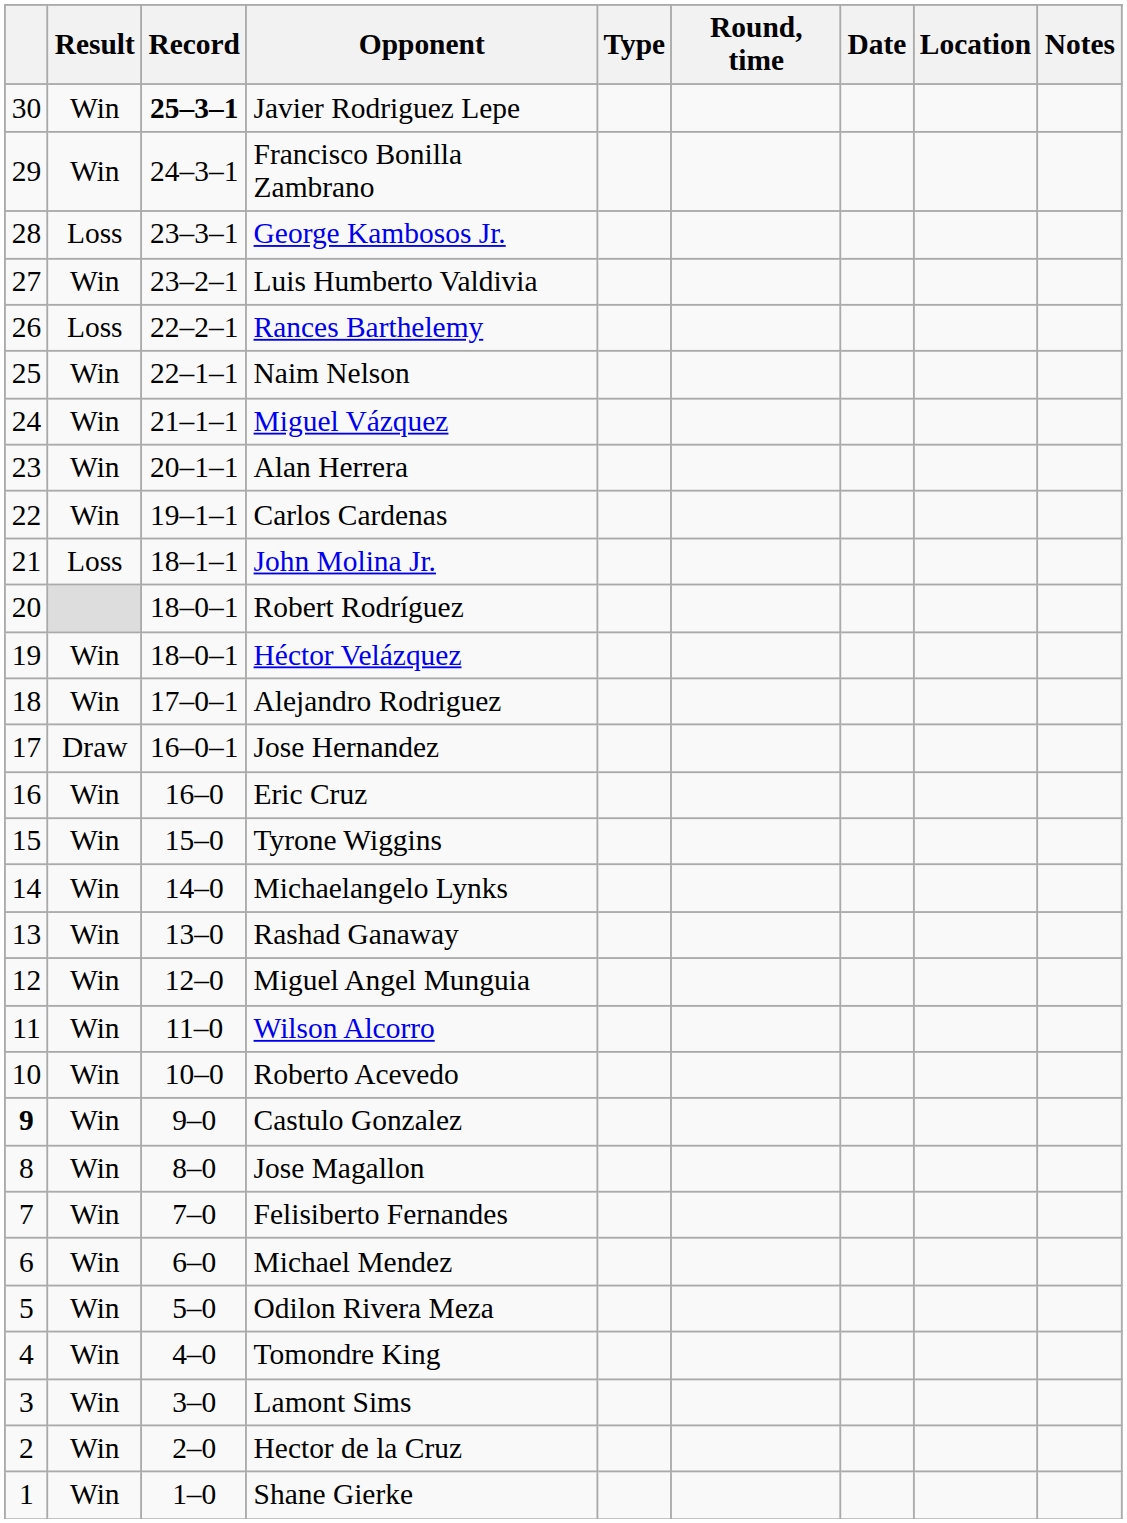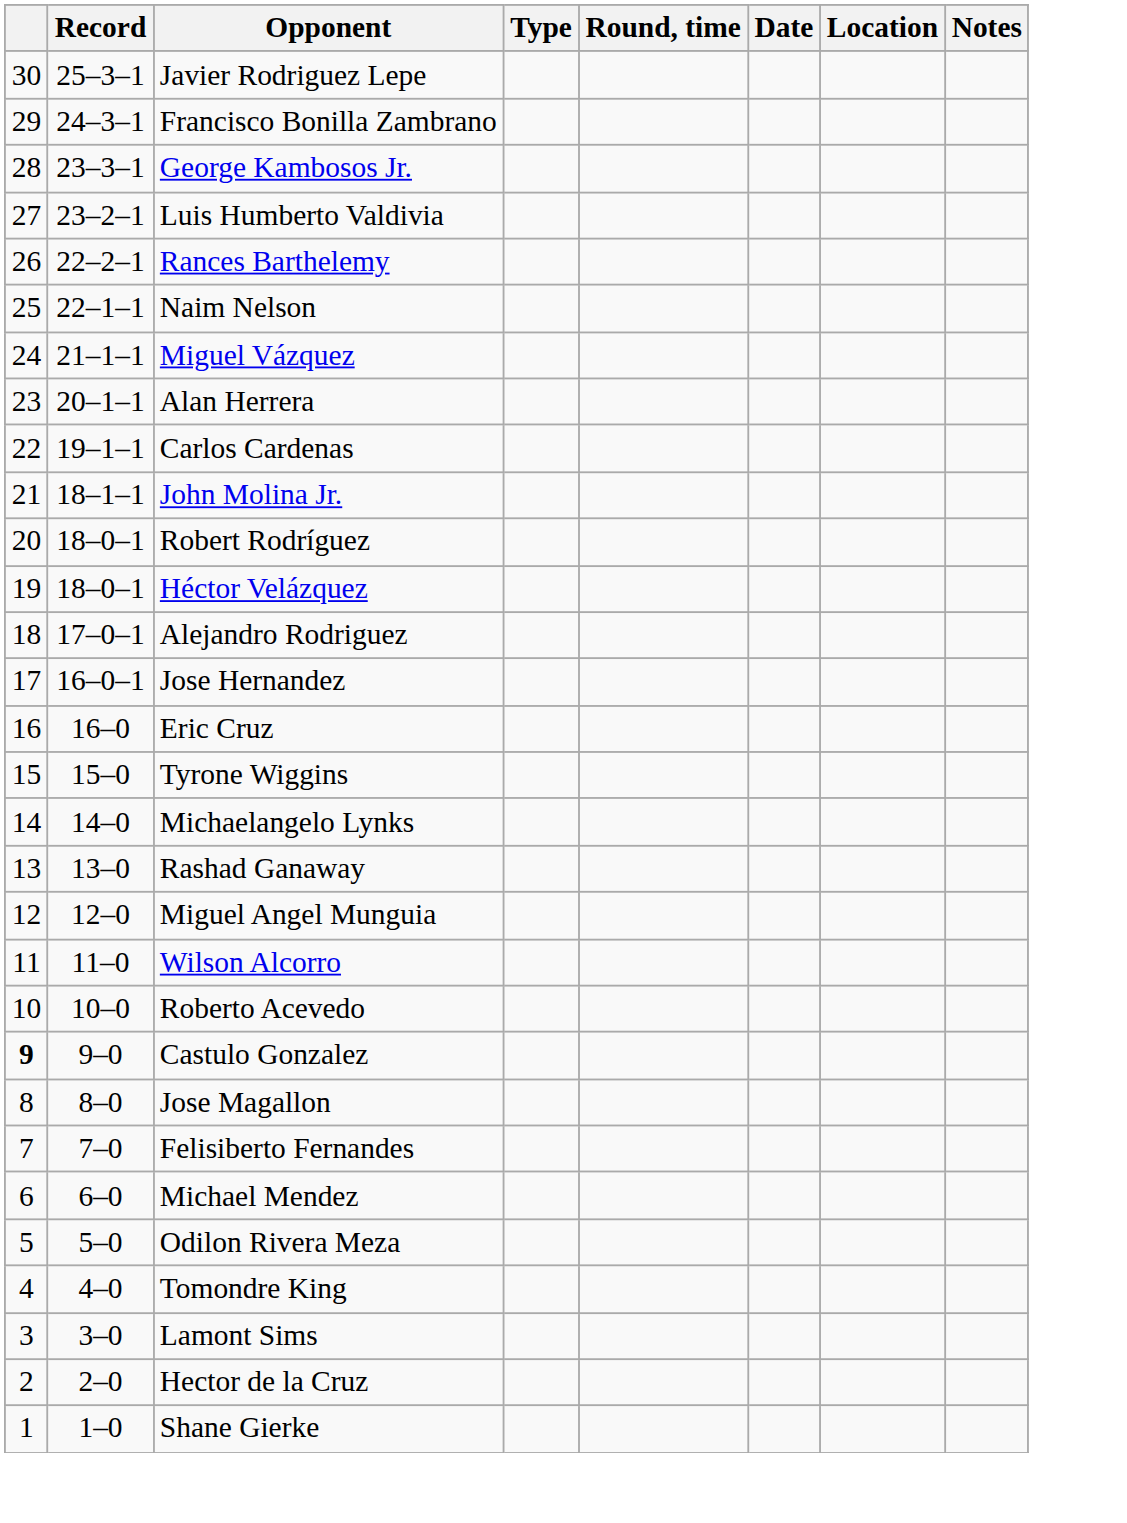 <table class="wikitable" style="text-align:center">
 <tr>
 <th></th>
-<th>Result</th>
 <th>Record</th>
 <th>Opponent</th>
 <th>Type</th>
 <th>Round, time</th>
 <th>Date</th>
 <th>Location</th>
 <th>Notes</th>
 </tr>
 <tr>
 <td>30</td>
-<td>Win</td>
-<td><strong>25–3–1 </strong></td>
+<td>25–3–1 </td>
 <td align=left>Javier Rodriguez Lepe</td>
 <td></td>
 <td></td>
 <td></td>
 <td align=left></td>
 <td align=left></td>
 </tr>
 <tr>
 <td>29</td>
-<td>Win</td>
 <td>24–3–1 </td>
 <td align=left>Francisco Bonilla Zambrano</td>
 <td></td>
 <td></td>
 <td></td>
 <td align=left></td>
 <td align=left></td>
 </tr>
 <tr>
 <td>28</td>
-<td>Loss</td>
 <td>23–3–1 </td>
 <td align=left><a href='#'>George Kambosos Jr.</a></td>
 <td></td>
 <td></td>
 <td></td>
 <td align=left></td>
 <td align=left></td>
 </tr>
 <tr>
 <td>27</td>
-<td>Win</td>
 <td>23–2–1 </td>
 <td align=left>Luis Humberto Valdivia</td>
 <td></td>
 <td></td>
 <td></td>
 <td align=left></td>
 <td align=left></td>
 </tr>
 <tr>
 <td>26</td>
-<td>Loss</td>
 <td>22–2–1 </td>
 <td align=left><a href='#'>Rances Barthelemy</a></td>
 <td></td>
 <td></td>
 <td></td>
 <td align=left></td>
 <td align=left></td>
 </tr>
 <tr>
 <td>25</td>
-<td>Win</td>
 <td>22–1–1 </td>
 <td align=left>Naim Nelson</td>
 <td></td>
 <td></td>
 <td></td>
 <td align=left></td>
 <td align=left></td>
 </tr>
 <tr>
 <td>24</td>
-<td>Win</td>
 <td>21–1–1 </td>
 <td align=left><a href='#'>Miguel Vázquez</a></td>
 <td></td>
 <td></td>
 <td></td>
 <td align=left></td>
 <td align=left></td>
 </tr>
 <tr>
 <td>23</td>
-<td>Win</td>
 <td>20–1–1 </td>
 <td align=left>Alan Herrera</td>
 <td></td>
 <td></td>
 <td></td>
 <td align=left></td>
 <td align=left></td>
 </tr>
 <tr>
 <td>22</td>
-<td>Win</td>
 <td>19–1–1 </td>
 <td align=left>Carlos Cardenas</td>
 <td></td>
 <td></td>
 <td></td>
 <td align=left></td>
 <td align=left></td>
 </tr>
 <tr>
 <td>21</td>
-<td>Loss</td>
 <td>18–1–1 </td>
 <td align=left><a href='#'>John Molina Jr.</a></td>
 <td></td>
 <td></td>
 <td></td>
 <td align=left></td>
 <td align=left></td>
 </tr>
 <tr>
 <td>20</td>
-<td style="background:#DDD"></td>
 <td>18–0–1 </td>
 <td align=left>Robert Rodríguez</td>
 <td></td>
 <td></td>
 <td></td>
 <td align=left></td>
 <td align=left></td>
 </tr>
 <tr>
 <td>19</td>
-<td>Win</td>
 <td>18–0–1</td>
 <td align=left><a href='#'>Héctor Velázquez</a></td>
 <td></td>
 <td></td>
 <td></td>
 <td align=left></td>
 <td align=left></td>
 </tr>
 <tr>
 <td>18</td>
-<td>Win</td>
 <td>17–0–1</td>
 <td align=left>Alejandro Rodriguez</td>
 <td></td>
 <td></td>
 <td></td>
 <td align=left></td>
 <td align=left></td>
 </tr>
 <tr>
 <td>17</td>
-<td>Draw</td>
 <td>16–0–1</td>
 <td align=left>Jose Hernandez</td>
 <td></td>
 <td></td>
 <td></td>
 <td align=left></td>
 <td align=left></td>
 </tr>
 <tr>
 <td>16</td>
-<td>Win</td>
 <td>16–0</td>
 <td align=left>Eric Cruz</td>
 <td></td>
 <td></td>
 <td></td>
 <td align=left></td>
 <td align=left></td>
 </tr>
 <tr>
 <td>15</td>
-<td>Win</td>
 <td>15–0</td>
 <td align=left>Tyrone Wiggins</td>
 <td></td>
 <td></td>
 <td></td>
 <td align=left></td>
 <td align=left></td>
 </tr>
 <tr>
 <td>14</td>
-<td>Win</td>
 <td>14–0</td>
 <td align=left>Michaelangelo Lynks</td>
 <td></td>
 <td></td>
 <td></td>
 <td align=left></td>
 <td align=left></td>
 </tr>
 <tr>
 <td>13</td>
-<td>Win</td>
 <td>13–0</td>
 <td align=left>Rashad Ganaway</td>
 <td></td>
 <td></td>
 <td></td>
 <td align=left></td>
 <td align=left></td>
 </tr>
 <tr>
 <td>12</td>
-<td>Win</td>
 <td>12–0</td>
 <td align=left>Miguel Angel Munguia</td>
 <td></td>
 <td></td>
 <td></td>
 <td align=left></td>
 <td align=left></td>
 </tr>
 <tr>
 <td>11</td>
-<td>Win</td>
 <td>11–0</td>
 <td align=left><a href='#'>Wilson Alcorro</a></td>
 <td></td>
 <td></td>
 <td></td>
 <td align=left></td>
 <td align=left></td>
 </tr>
 <tr>
 <td>10</td>
-<td>Win</td>
 <td>10–0</td>
 <td align=left>Roberto Acevedo</td>
 <td></td>
 <td></td>
 <td></td>
 <td align=left></td>
 <td align=left></td>
 </tr>
 <tr>
 <td><strong>9</strong></td>
-<td>Win</td>
 <td>9–0</td>
 <td align=left>Castulo Gonzalez</td>
 <td></td>
 <td></td>
 <td></td>
 <td align=left></td>
 <td align=left></td>
 </tr>
 <tr>
 <td>8</td>
-<td>Win</td>
 <td>8–0</td>
 <td align=left>Jose Magallon</td>
 <td></td>
 <td></td>
 <td></td>
 <td align=left></td>
 <td align=left></td>
 </tr>
 <tr>
 <td>7</td>
-<td>Win</td>
 <td>7–0</td>
 <td align=left>Felisiberto Fernandes</td>
 <td></td>
 <td></td>
 <td></td>
 <td align=left></td>
 <td align=left></td>
 </tr>
 <tr>
 <td>6</td>
-<td>Win</td>
 <td>6–0</td>
 <td align=left>Michael Mendez</td>
 <td></td>
 <td></td>
 <td></td>
 <td align=left></td>
 <td align=left></td>
 </tr>
 <tr>
 <td>5</td>
-<td>Win</td>
 <td>5–0</td>
 <td align=left>Odilon Rivera Meza</td>
 <td></td>
 <td></td>
 <td></td>
 <td align=left></td>
 <td align=left></td>
 </tr>
 <tr>
 <td>4</td>
-<td>Win</td>
 <td>4–0</td>
 <td align=left>Tomondre King</td>
 <td></td>
 <td></td>
 <td></td>
 <td align=left></td>
 <td align=left></td>
 </tr>
 <tr>
 <td>3</td>
-<td>Win</td>
 <td>3–0</td>
 <td align=left>Lamont Sims</td>
 <td></td>
 <td></td>
 <td></td>
 <td align=left></td>
 <td align=left></td>
 </tr>
 <tr>
 <td>2</td>
-<td>Win</td>
 <td>2–0</td>
 <td align=left>Hector de la Cruz</td>
 <td></td>
 <td></td>
 <td></td>
 <td align=left></td>
 <td align=left></td>
 </tr>
 <tr>
 <td>1</td>
-<td>Win</td>
 <td>1–0</td>
 <td align=left>Shane Gierke</td>
 <td></td>
 <td></td>
 <td></td>
 <td align=left></td>
 <td align=left></td>
 </tr>
 </table>
